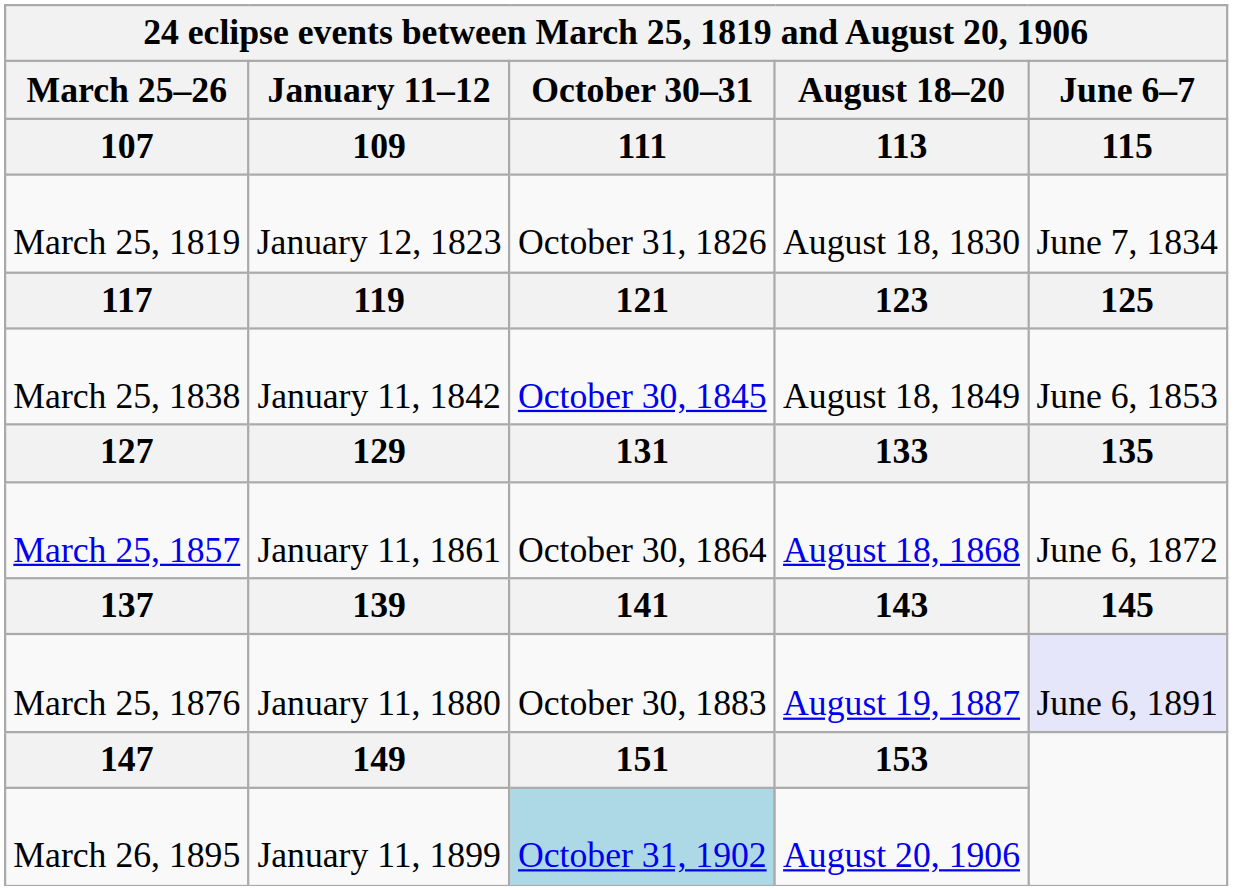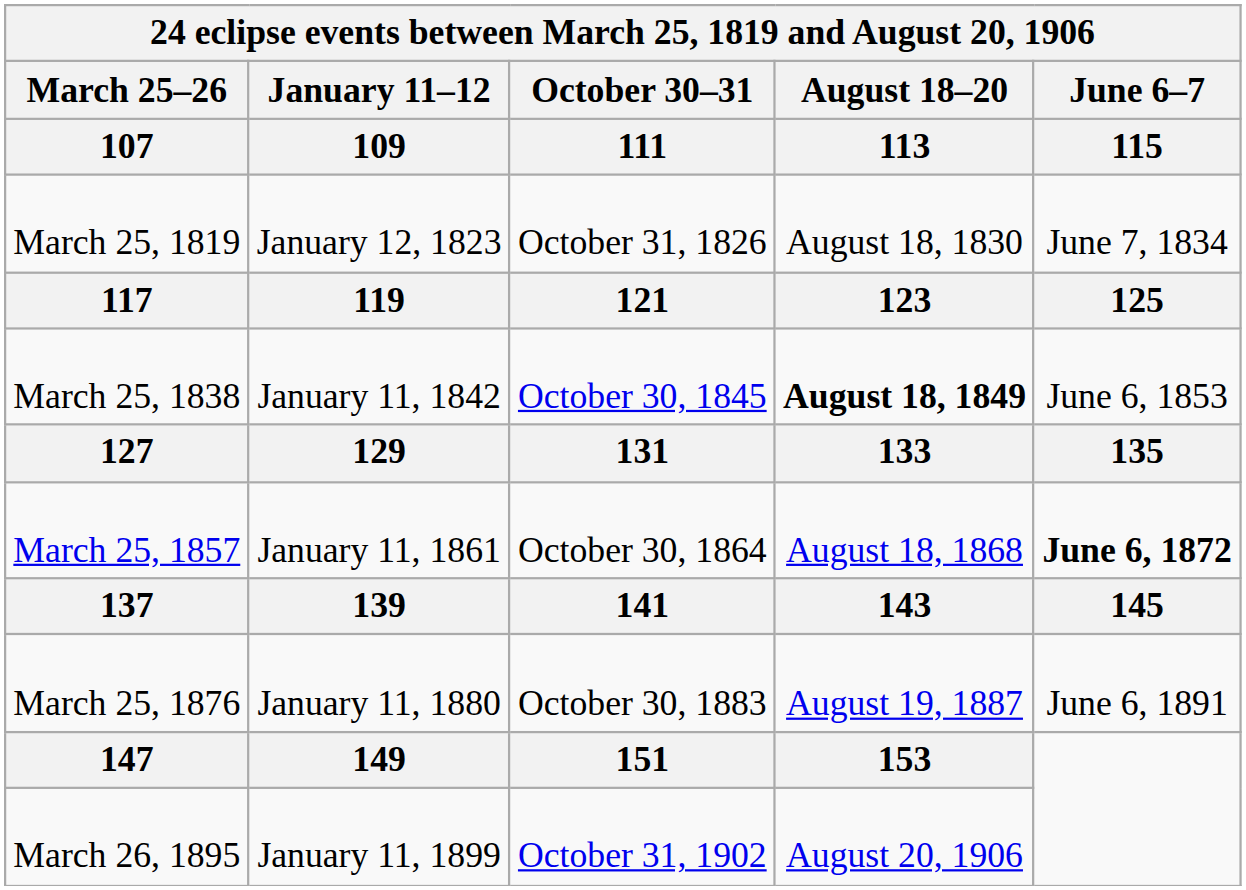 <table class="wikitable mw-collapsible mw-collapsed">
 <tr>
 <th colspan=5>24 eclipse events between March 25, 1819 and August 20, 1906</th>
 </tr>
 <tr>
 <th>March 25–26</th>
 <th>January 11–12</th>
 <th>October 30–31</th>
 <th>August 18–20</th>
 <th>June 6–7</th>
 </tr>
 <tr>
 <th>107</th>
 <th>109</th>
 <th>111</th>
 <th>113</th>
 <th>115</th>
 </tr>
 <tr style="text-align:center;">
 <td><br>March 25, 1819</td>
 <td><br>January 12, 1823</td>
 <td><br>October 31, 1826</td>
 <td><br>August 18, 1830</td>
 <td><br>June 7, 1834</td>
 </tr>
 <tr>
 <th>117</th>
 <th>119</th>
 <th>121</th>
 <th>123</th>
 <th>125</th>
 </tr>
 <tr style="text-align:center;">
 <td><br>March 25, 1838</td>
 <td><br>January 11, 1842</td>
 <td><br><a href='#'>October 30, 1845</a></td>
-<td><br>August 18, 1849</td>
+<td><strong><br>August 18, 1849</strong></td>
 <td><br>June 6, 1853</td>
 </tr>
 <tr>
 <th>127</th>
 <th>129</th>
 <th>131</th>
 <th>133</th>
 <th>135</th>
 </tr>
 <tr style="text-align:center;">
 <td><br><a href='#'>March 25, 1857</a></td>
 <td><br>January 11, 1861</td>
 <td><br>October 30, 1864</td>
 <td><br><a href='#'>August 18, 1868</a></td>
-<td><br>June 6, 1872</td>
+<td><strong><br>June 6, 1872</strong></td>
 </tr>
 <tr>
 <th>137</th>
 <th>139</th>
 <th>141</th>
 <th>143</th>
 <th>145</th>
 </tr>
 <tr style="text-align:center;">
 <td><br>March 25, 1876</td>
 <td><br>January 11, 1880</td>
 <td><br>October 30, 1883</td>
 <td><br><a href='#'>August 19, 1887</a></td>
-<td style="background: lavender;"><br>June 6, 1891</td>
+<td><br>June 6, 1891</td>
 </tr>
 <tr>
 <th>147</th>
 <th>149</th>
 <th>151</th>
 <th>153</th>
 </tr>
 <tr style="text-align:center;">
 <td><br>March 26, 1895</td>
 <td><br>January 11, 1899</td>
-<td style="background: lightblue;"><br><a href='#'>October 31, 1902</a></td>
+<td><br><a href='#'>October 31, 1902</a></td>
 <td><br><a href='#'>August 20, 1906</a></td>
 </tr>
 </table>
